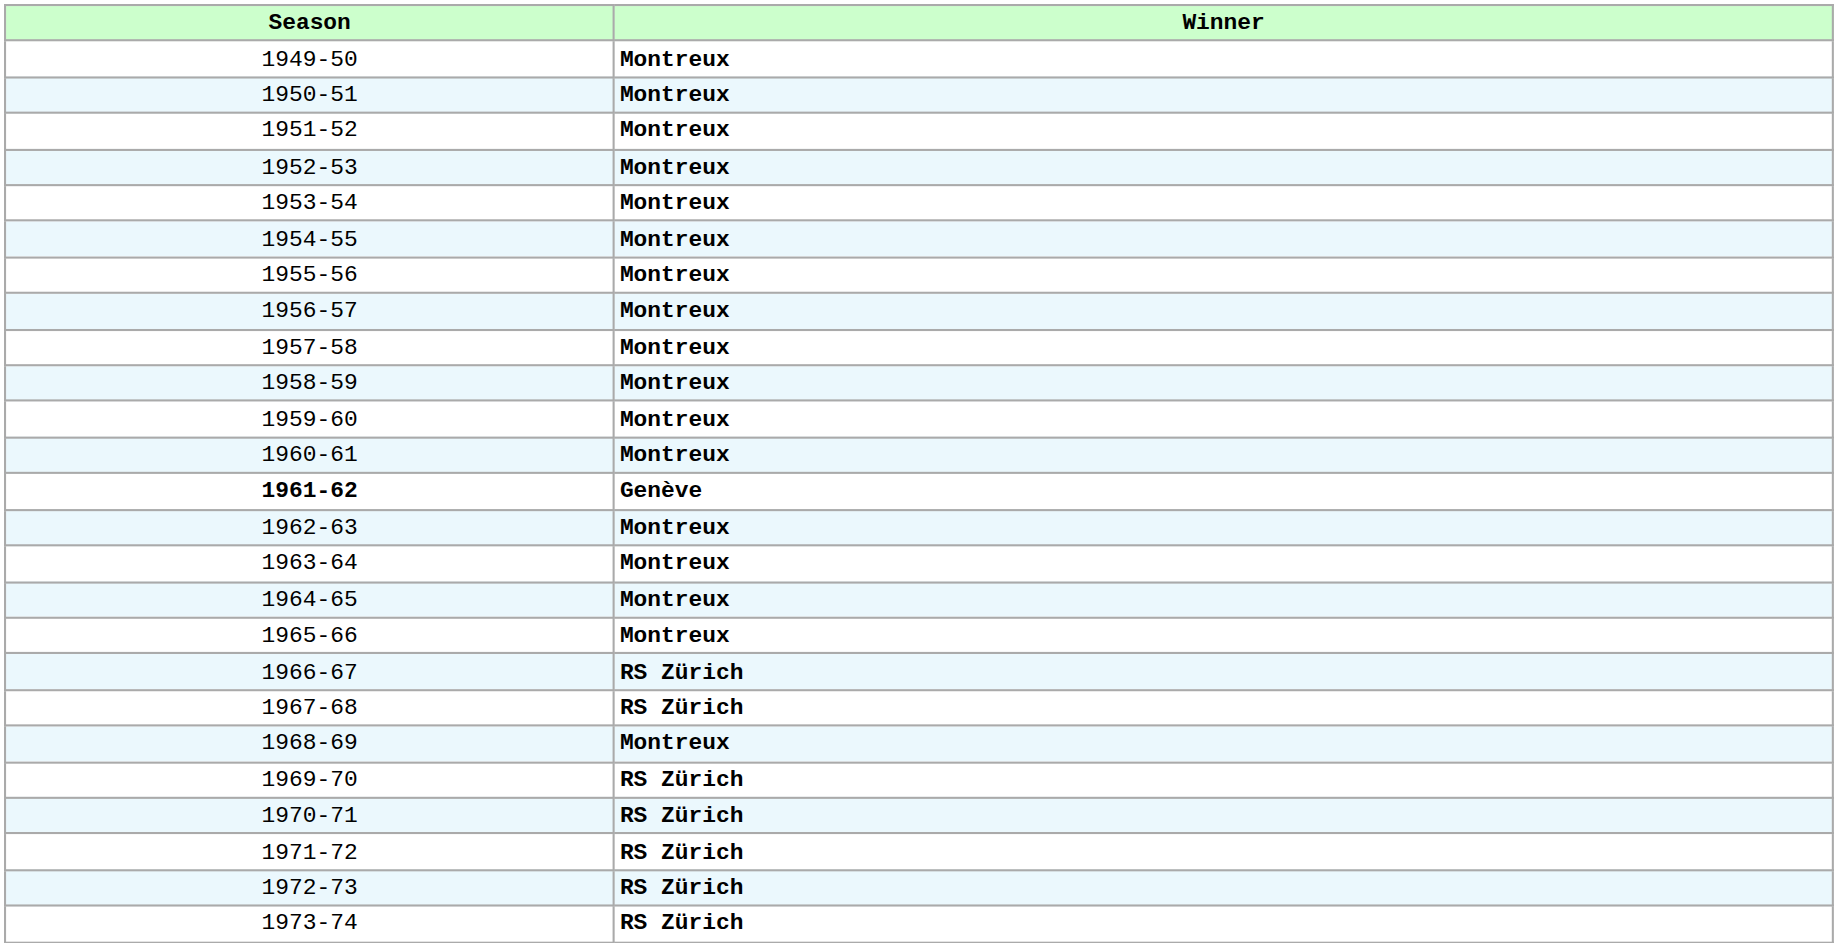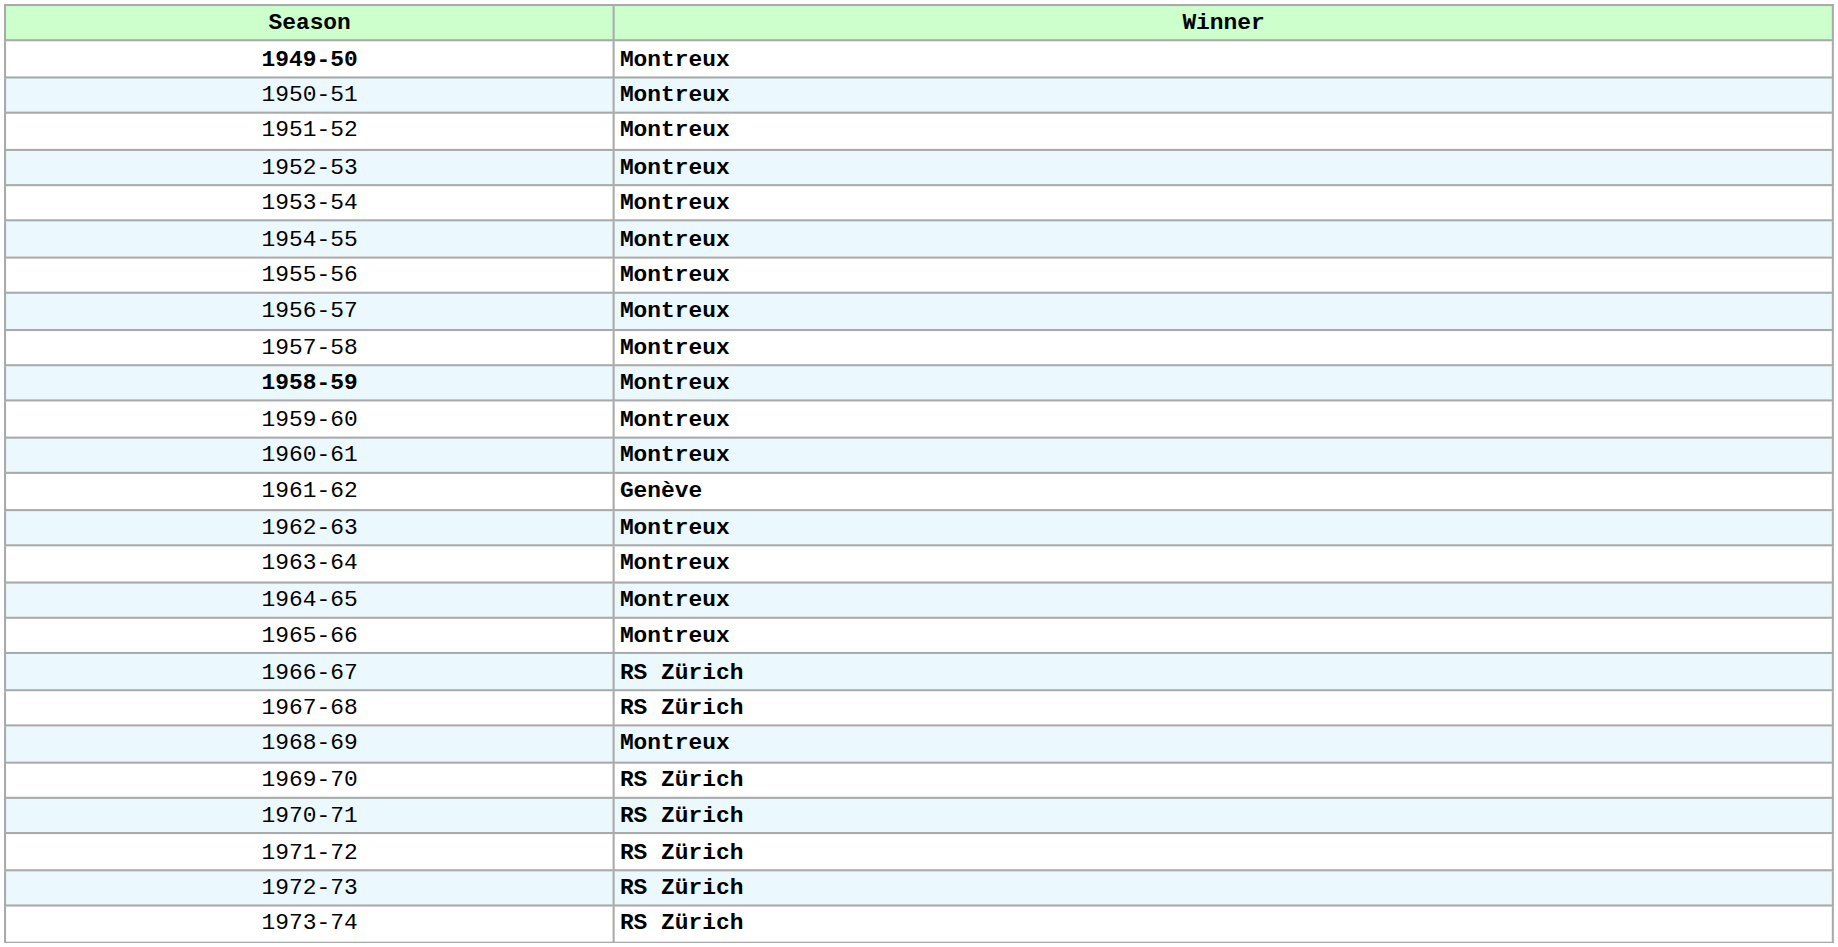 <table class="wikitable" style="font-size:85%; width:100%">
 <tr>
 <th width="33%" style="background:#ccffcc">Season</th>
 <th width="66%" style="background:#ccffcc">Winner</th>
 </tr>
 <tr bgcolor="#FFFFFF">
-<td align="center">1949-50</td>
+<td align="center"><strong>1949-50</strong></td>
 <td><strong> Montreux </strong></td>
 </tr>
 <tr bgcolor="#EBF8FD">
 <td align="center">1950-51</td>
 <td><strong> Montreux </strong></td>
 </tr>
 <tr bgcolor="#FFFFFF">
 <td align="center">1951-52</td>
 <td><strong> Montreux </strong></td>
 </tr>
 <tr bgcolor="#EBF8FD">
 <td align="center">1952-53</td>
 <td><strong> Montreux </strong></td>
 </tr>
 <tr bgcolor="#FFFFFF">
 <td align="center">1953-54</td>
 <td><strong> Montreux </strong></td>
 </tr>
 <tr bgcolor="#EBF8FD">
 <td align="center">1954-55</td>
 <td><strong> Montreux </strong></td>
 </tr>
 <tr bgcolor="#FFFFFF">
 <td align="center">1955-56</td>
 <td><strong> Montreux </strong></td>
 </tr>
 <tr bgcolor="#EBF8FD">
 <td align="center">1956-57</td>
 <td><strong> Montreux </strong></td>
 </tr>
 <tr bgcolor="#FFFFFF">
 <td align="center">1957-58</td>
 <td><strong> Montreux </strong></td>
 </tr>
 <tr bgcolor="#EBF8FD">
-<td align="center">1958-59</td>
+<td align="center"><strong>1958-59</strong></td>
 <td><strong> Montreux </strong></td>
 </tr>
 <tr bgcolor="#FFFFFF">
 <td align="center">1959-60</td>
 <td><strong> Montreux </strong></td>
 </tr>
 <tr bgcolor="#EBF8FD">
 <td align="center">1960-61</td>
 <td><strong> Montreux </strong></td>
 </tr>
 <tr bgcolor="#FFFFFF">
-<td align="center"><strong>1961-62</strong></td>
+<td align="center">1961-62</td>
 <td><strong> Genève </strong></td>
 </tr>
 <tr bgcolor="#EBF8FD">
 <td align="center">1962-63</td>
 <td><strong> Montreux </strong></td>
 </tr>
 <tr bgcolor="#FFFFFF">
 <td align="center">1963-64</td>
 <td><strong> Montreux </strong></td>
 </tr>
 <tr bgcolor="#EBF8FD">
 <td align="center">1964-65</td>
 <td><strong> Montreux </strong></td>
 </tr>
 <tr bgcolor="#FFFFFF">
 <td align="center">1965-66</td>
 <td><strong> Montreux </strong></td>
 </tr>
 <tr bgcolor="#EBF8FD">
 <td align="center">1966-67</td>
 <td><strong> RS Zürich </strong></td>
 </tr>
 <tr bgcolor="#FFFFFF">
 <td align="center">1967-68</td>
 <td><strong> RS Zürich </strong></td>
 </tr>
 <tr bgcolor="#EBF8FD">
 <td align="center">1968-69</td>
 <td><strong> Montreux </strong></td>
 </tr>
 <tr bgcolor="#FFFFFF">
 <td align="center">1969-70</td>
 <td><strong> RS Zürich </strong></td>
 </tr>
 <tr bgcolor="#EBF8FD">
 <td align="center">1970-71</td>
 <td><strong> RS Zürich </strong></td>
 </tr>
 <tr bgcolor="#FFFFFF">
 <td align="center">1971-72</td>
 <td><strong> RS Zürich </strong></td>
 </tr>
 <tr bgcolor="#EBF8FD">
 <td align="center">1972-73</td>
 <td><strong> RS Zürich </strong></td>
 </tr>
 <tr bgcolor="#FFFFFF">
 <td align="center">1973-74</td>
 <td><strong> RS Zürich </strong></td>
 </tr>
 </table>
